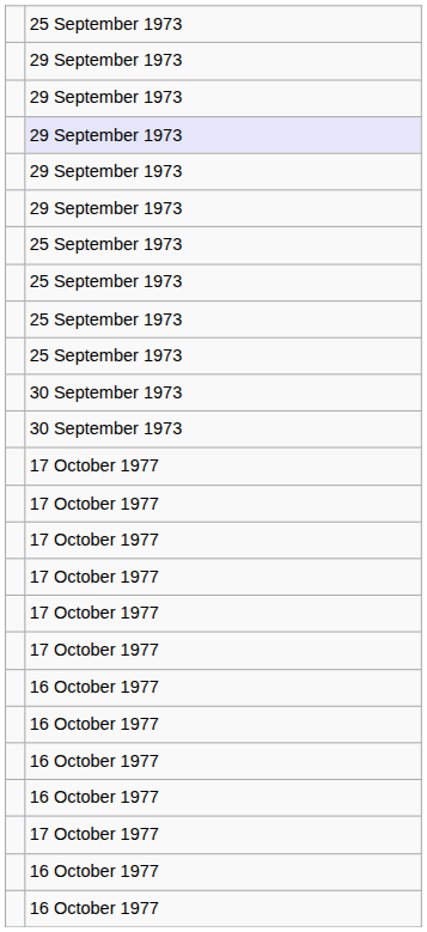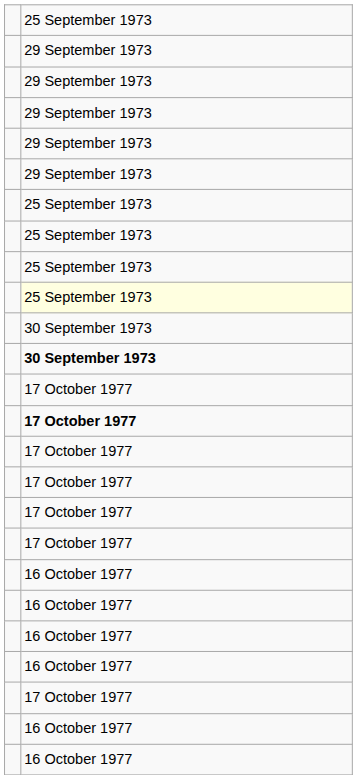 <table class="wikitable" style="font-size: 89%; float: left; width: 24em; margin-right: 1em; line-height: 1.65em">
 <tr>
 <td></td>
 <td>25 September 1973</td>
 </tr>
 <tr>
 <td></td>
 <td>29 September 1973</td>
 </tr>
 <tr>
 <td></td>
 <td>29 September 1973</td>
 </tr>
 <tr>
 <td></td>
-<td style="background: lavender;">29 September 1973</td>
+<td>29 September 1973</td>
 </tr>
 <tr>
 <td></td>
 <td>29 September 1973</td>
 </tr>
 <tr>
 <td></td>
 <td>29 September 1973</td>
 </tr>
 <tr>
 <td></td>
 <td>25 September 1973</td>
 </tr>
 <tr>
 <td></td>
 <td>25 September 1973</td>
 </tr>
 <tr>
 <td></td>
 <td>25 September 1973</td>
 </tr>
 <tr>
 <td></td>
-<td>25 September 1973</td>
+<td style="background: lightyellow;">25 September 1973</td>
 </tr>
 <tr>
 <td></td>
 <td>30 September 1973</td>
 </tr>
 <tr>
 <td></td>
-<td>30 September 1973</td>
+<td><strong>30 September 1973</strong></td>
 </tr>
 <tr>
 <td></td>
 <td>17 October 1977</td>
 </tr>
 <tr>
 <td></td>
-<td>17 October 1977</td>
+<td><strong>17 October 1977</strong></td>
 </tr>
 <tr>
 <td></td>
 <td>17 October 1977</td>
 </tr>
 <tr>
 <td></td>
 <td>17 October 1977</td>
 </tr>
 <tr>
 <td></td>
 <td>17 October 1977</td>
 </tr>
 <tr>
 <td></td>
 <td>17 October 1977</td>
 </tr>
 <tr>
 <td></td>
 <td>16 October 1977</td>
 </tr>
 <tr>
 <td></td>
 <td>16 October 1977</td>
 </tr>
 <tr>
 <td></td>
 <td>16 October 1977</td>
 </tr>
 <tr>
 <td></td>
 <td>16 October 1977</td>
 </tr>
 <tr>
 <td></td>
 <td>17 October 1977</td>
 </tr>
 <tr>
 <td></td>
 <td>16 October 1977</td>
 </tr>
 <tr>
 <td></td>
 <td>16 October 1977</td>
 </tr>
 </table>
